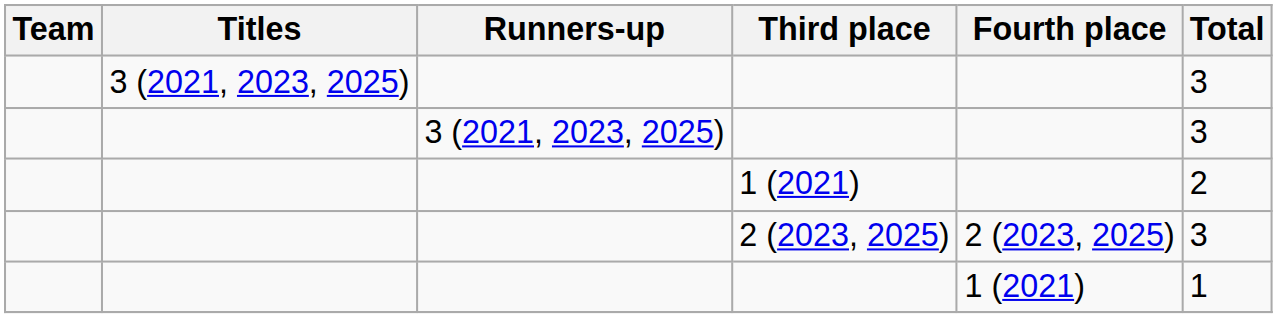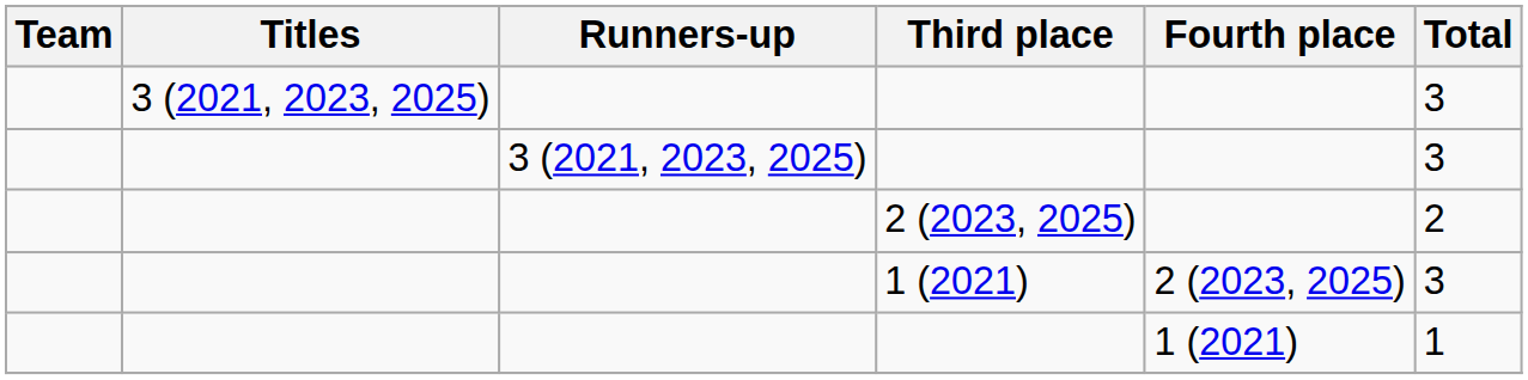 <table class="wikitable sortable">
 <tr>
 <th>Team</th>
 <th>Titles</th>
 <th>Runners-up</th>
 <th>Third place</th>
 <th>Fourth place</th>
 <th>Total</th>
 </tr>
 <tr>
 <td></td>
 <td>3 (<a href='#'>2021</a>, <a href='#'>2023</a>, <a href='#'>2025</a>)</td>
 <td></td>
 <td></td>
 <td></td>
 <td>3</td>
 </tr>
 <tr>
 <td></td>
 <td></td>
 <td>3 (<a href='#'>2021</a>, <a href='#'>2023</a>, <a href='#'>2025</a>)</td>
 <td></td>
 <td></td>
 <td>3</td>
 </tr>
 <tr>
 <td></td>
 <td></td>
 <td></td>
-<td>1 (<a href='#'>2021</a>)</td>
+<td>2 (<a href='#'>2023</a>, <a href='#'>2025</a>)</td>
 <td></td>
 <td>2</td>
 </tr>
 <tr>
 <td></td>
 <td></td>
 <td></td>
-<td>2 (<a href='#'>2023</a>, <a href='#'>2025</a>)</td>
+<td>1 (<a href='#'>2021</a>)</td>
 <td>2 (<a href='#'>2023</a>, <a href='#'>2025</a>)</td>
 <td>3</td>
 </tr>
 <tr>
 <td></td>
 <td></td>
 <td></td>
 <td></td>
 <td>1 (<a href='#'>2021</a>)</td>
 <td>1</td>
 </tr>
 <tr>
 </tr>
 </table>
